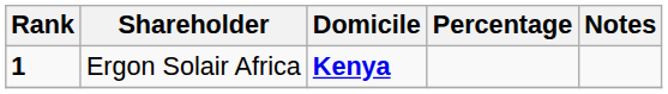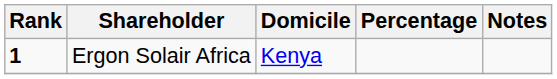 <table class="wikitable sortable" style="margin: 0.5em auto">
 <tr>
 <th>Rank</th>
 <th>Shareholder</th>
 <th>Domicile</th>
 <th>Percentage</th>
 <th>Notes</th>
 </tr>
 <tr>
 <td><strong>1</strong></td>
 <td>Ergon Solair Africa</td>
-<td><strong><a href='#'>Kenya</a></strong></td>
+<td><a href='#'>Kenya</a></td>
 <td></td>
 <td></td>
 </tr>
 <tr>
 </tr>
 </table>
